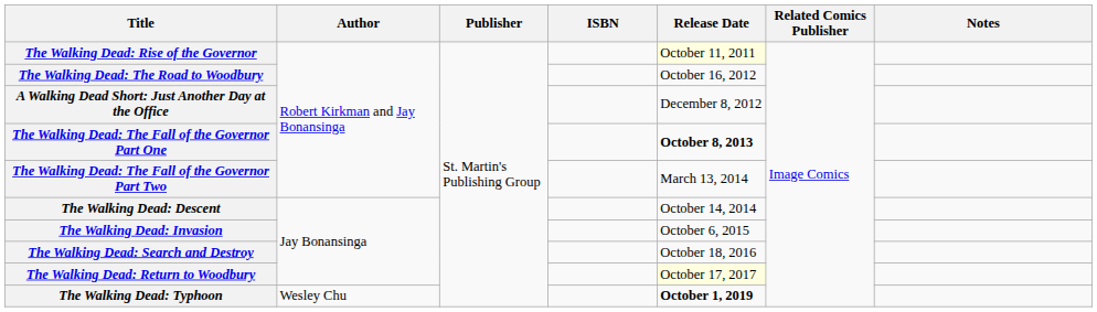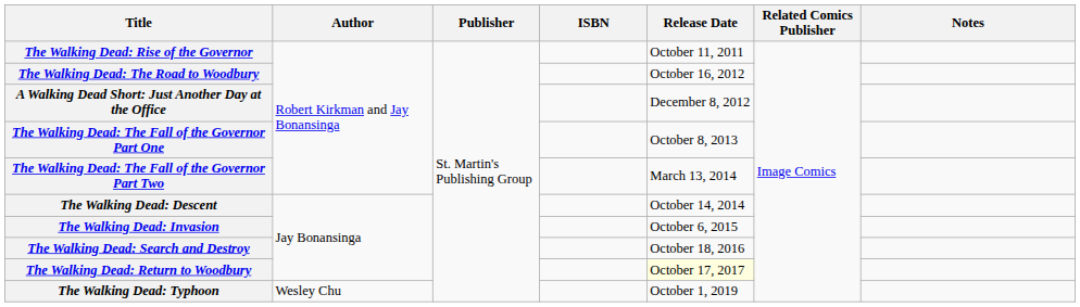 <table class="wikitable" width="100%">
 <tr>
 <th width="25%">Title</th>
 <th width="15%">Author</th>
 <th width="10%">Publisher</th>
 <th width="10%">ISBN</th>
 <th width="10%">Release Date</th>
 <th width="10%">Related Comics Publisher</th>
 <th width="20%">Notes</th>
 </tr>
 <tr>
 <th><em><a href='#'>The Walking Dead: Rise of the Governor</a></em></th>
 <td rowspan="5"><a href='#'>Robert Kirkman</a> and <a href='#'>Jay Bonansinga</a></td>
 <td rowspan="10">St. Martin's Publishing Group</td>
 <td></td>
-<td style="background: lightyellow;">October 11, 2011</td>
+<td>October 11, 2011</td>
 <td rowspan="10"><a href='#'>Image Comics</a></td>
 <td></td>
 </tr>
 <tr>
 <th><em><a href='#'>The Walking Dead: The Road to Woodbury</a></em></th>
 <td></td>
 <td>October 16, 2012</td>
 <td></td>
 </tr>
 <tr>
 <th><em>A Walking Dead Short: Just Another Day at the Office</em></th>
 <td></td>
 <td>December 8, 2012</td>
 <td></td>
 </tr>
 <tr>
 <th><em><a href='#'>The Walking Dead: The Fall of the Governor Part One</a></em></th>
 <td></td>
-<td><strong>October 8, 2013</strong></td>
+<td>October 8, 2013</td>
 <td></td>
 </tr>
 <tr>
 <th><em><a href='#'>The Walking Dead: The Fall of the Governor Part Two</a></em></th>
 <td></td>
 <td>March 13, 2014</td>
 <td></td>
 </tr>
 <tr>
 <th><em>The Walking Dead: Descent</em></th>
 <td rowspan="4">Jay Bonansinga</td>
 <td></td>
 <td>October 14, 2014</td>
 <td></td>
 </tr>
 <tr>
 <th><em><a href='#'>The Walking Dead: Invasion</a></em></th>
 <td></td>
 <td>October 6, 2015</td>
 <td></td>
 </tr>
 <tr>
 <th><em><a href='#'>The Walking Dead: Search and Destroy</a></em></th>
 <td></td>
 <td>October 18, 2016</td>
 <td></td>
 </tr>
 <tr>
 <th><em><a href='#'>The Walking Dead: Return to Woodbury</a></em></th>
 <td></td>
 <td style="background: lightyellow;">October 17, 2017</td>
 <td></td>
 </tr>
 <tr>
 <th><em>The Walking Dead: Typhoon</em></th>
 <td>Wesley Chu</td>
 <td></td>
-<td><strong>October 1, 2019</strong></td>
+<td>October 1, 2019</td>
 <td></td>
 </tr>
 </table>
